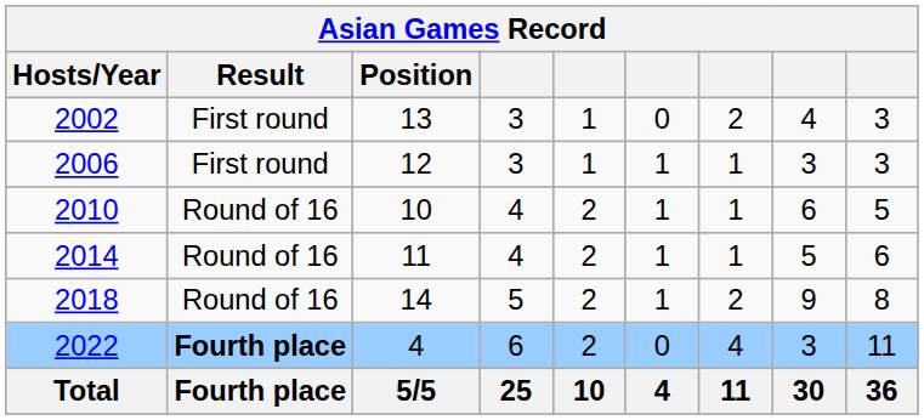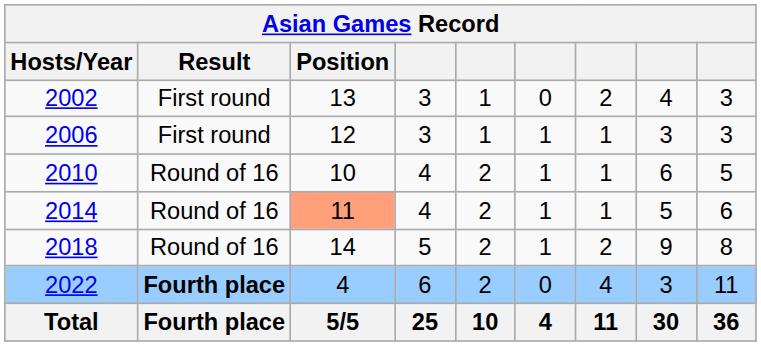 <table class="wikitable" style="text-align: center;font-size:90%;">
 <tr>
 <th colspan=9><a href='#'>Asian Games</a> Record</th>
 </tr>
 <tr>
 <th>Hosts/Year</th>
 <th>Result</th>
 <th>Position</th>
 <th width=30></th>
 <th width=30></th>
 <th width=30></th>
 <th width=30></th>
 <th width=30></th>
 <th width=30></th>
 </tr>
 <tr>
 <td> <a href='#'>2002</a></td>
 <td>First round</td>
 <td>13</td>
 <td>3</td>
 <td>1</td>
 <td>0</td>
 <td>2</td>
 <td>4</td>
 <td>3</td>
 </tr>
 <tr>
 <td> <a href='#'>2006</a></td>
 <td>First round</td>
 <td>12</td>
 <td>3</td>
 <td>1</td>
 <td>1</td>
 <td>1</td>
 <td>3</td>
 <td>3</td>
 </tr>
 <tr>
 <td> <a href='#'>2010</a></td>
 <td>Round of 16</td>
 <td>10</td>
 <td>4</td>
 <td>2</td>
 <td>1</td>
 <td>1</td>
 <td>6</td>
 <td>5</td>
 </tr>
 <tr>
 <td> <a href='#'>2014</a></td>
 <td>Round of 16</td>
-<td>11</td>
+<td style="background: lightsalmon;">11</td>
 <td>4</td>
 <td>2</td>
 <td>1</td>
 <td>1</td>
 <td>5</td>
 <td>6</td>
 </tr>
 <tr>
 <td> <a href='#'>2018</a></td>
 <td>Round of 16</td>
 <td>14</td>
 <td>5</td>
 <td>2</td>
 <td>1</td>
 <td>2</td>
 <td>9</td>
 <td>8</td>
 </tr>
 <tr style="background:#9acdff">
 <td>  <a href='#'>2022</a></td>
 <td><strong>Fourth place</strong></td>
 <td>4</td>
 <td>6</td>
 <td>2</td>
 <td>0</td>
 <td>4</td>
 <td>3</td>
 <td>11</td>
 </tr>
 <tr>
 <th><strong>Total</strong></th>
 <th>Fourth place</th>
 <th>5/5</th>
 <th>25</th>
 <th>10</th>
 <th>4</th>
 <th>11</th>
 <th>30</th>
 <th>36</th>
 </tr>
 </table>
